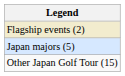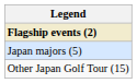 <table class="wikitable" style="font-size:95%;">
 <tr>
 <th>Legend</th>
 </tr>
 <tr style="background:#f2ecce;">
-<td>Flagship events (2)</td>
+<td><strong>Flagship events (2)</strong></td>
 </tr>
 <tr style="background:#D6E8FF;">
 <td>Japan majors (5)</td>
 </tr>
 <tr>
 <td>Other Japan Golf Tour (15)</td>
 </tr>
 </table>
